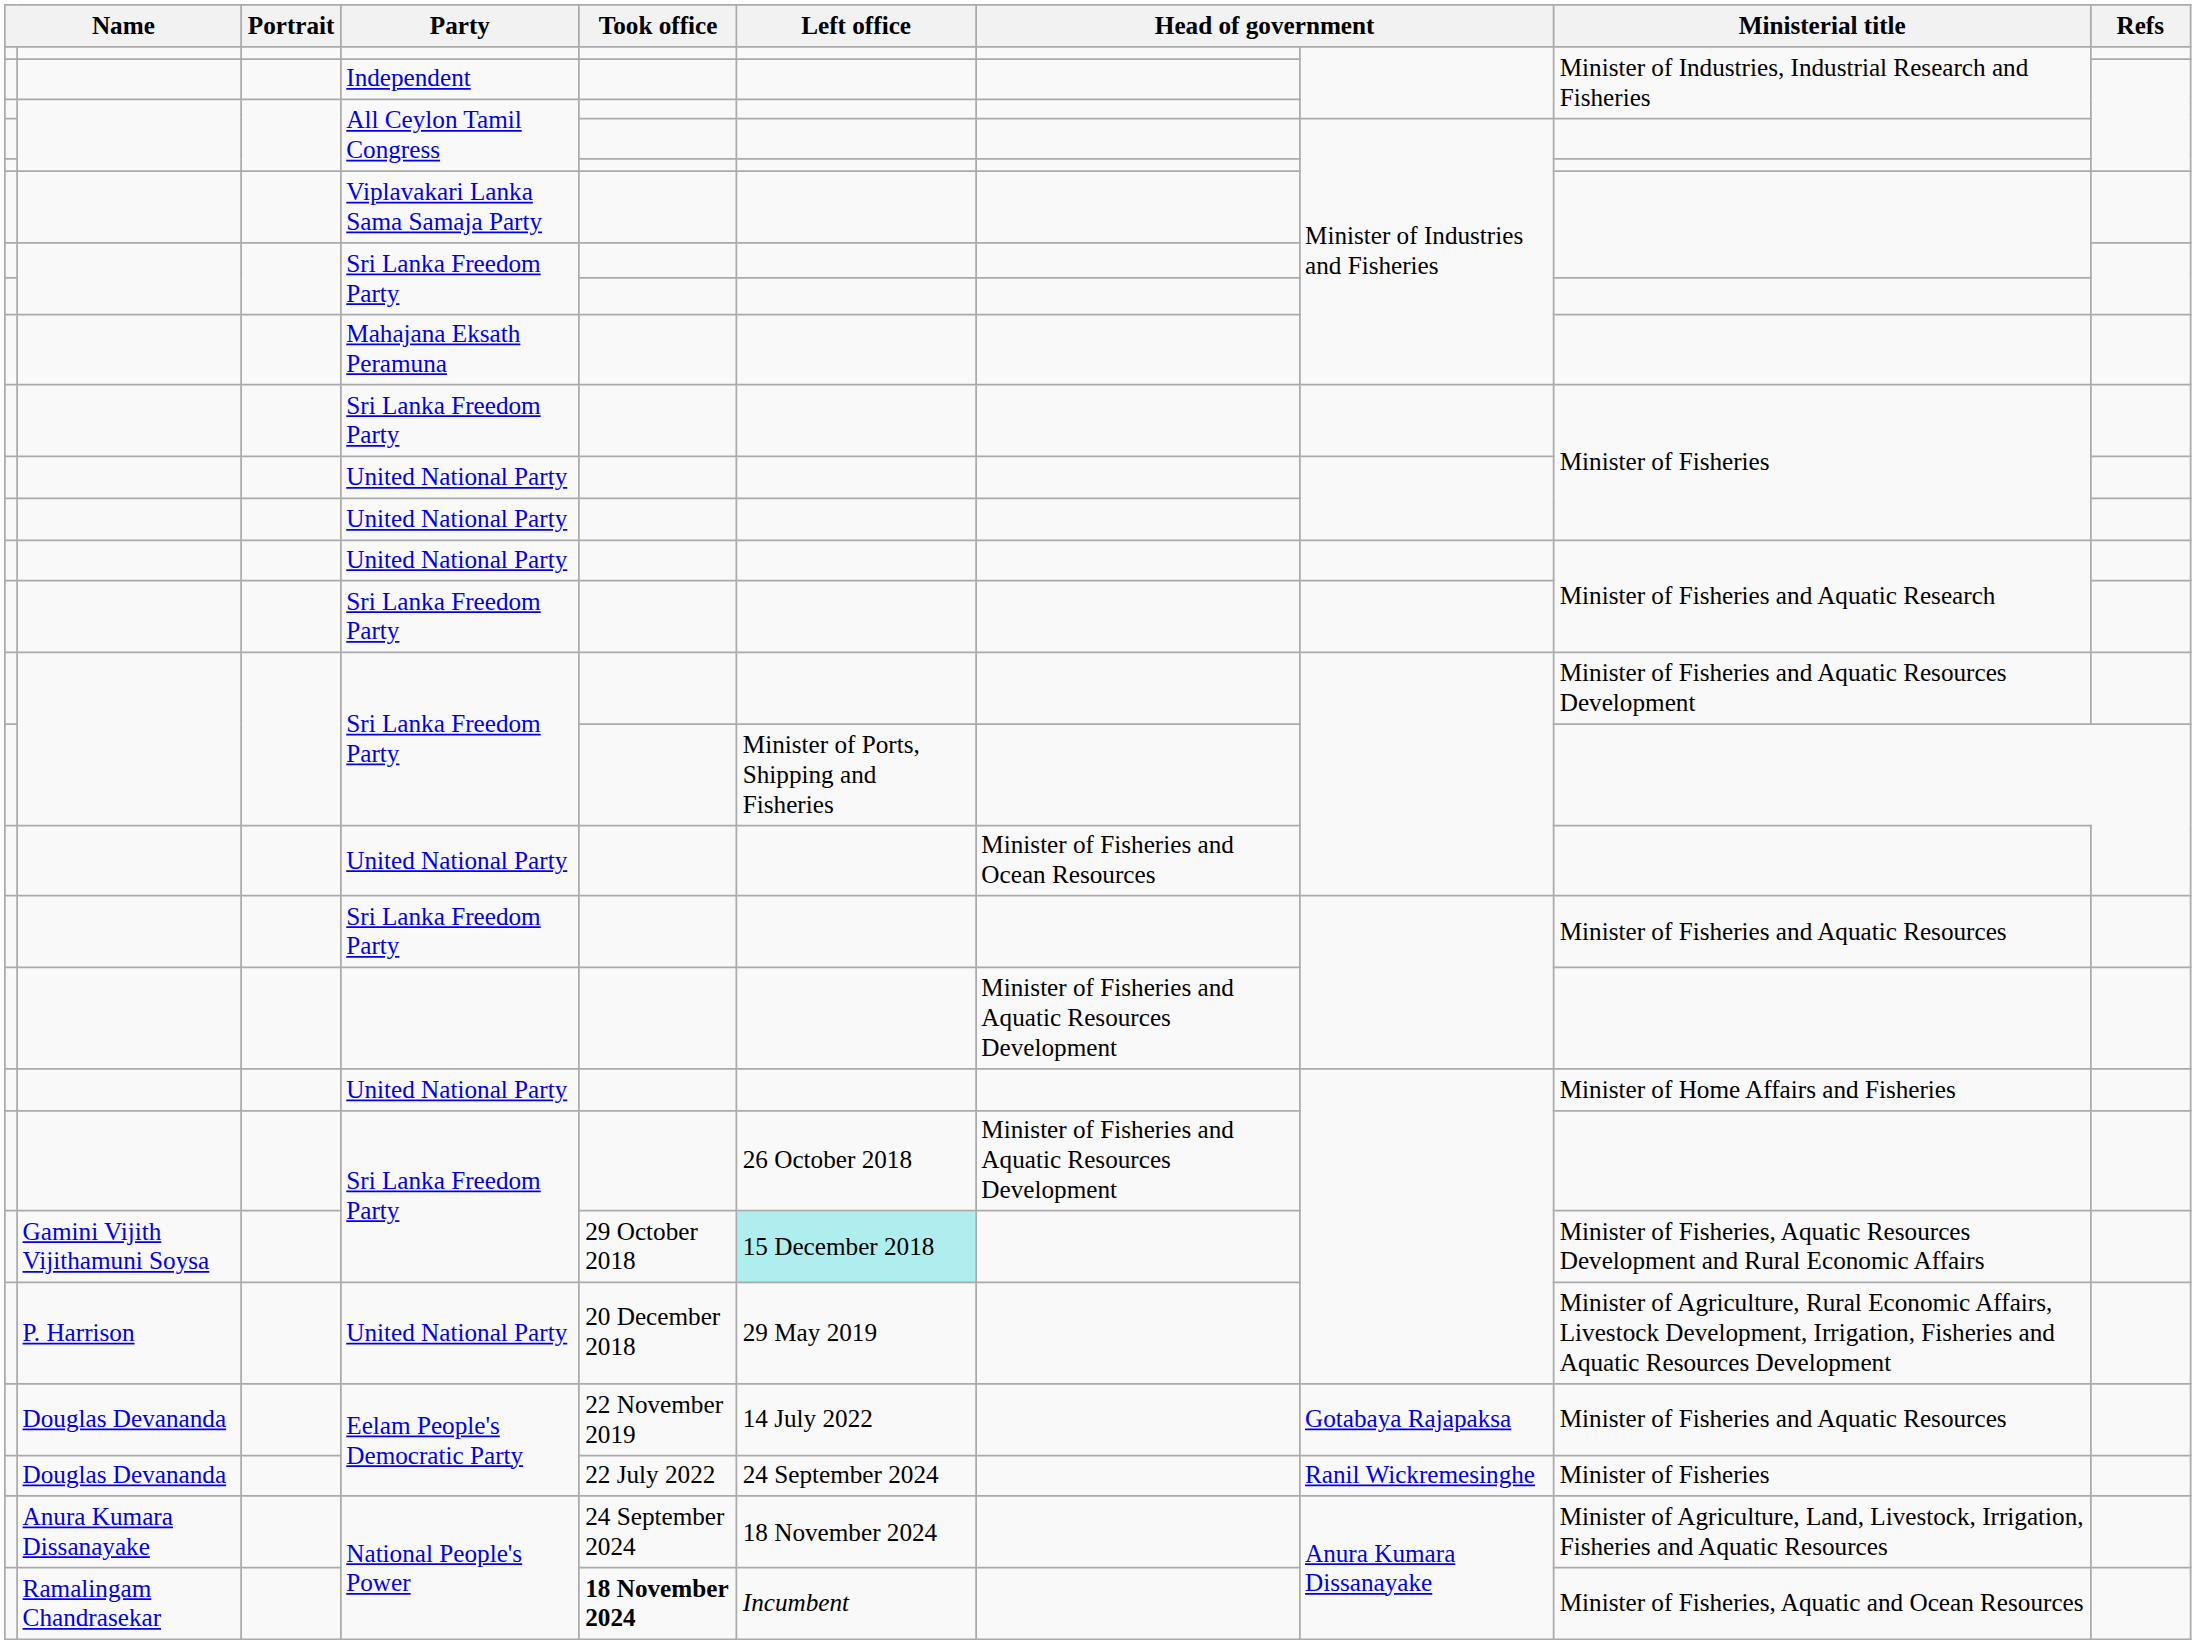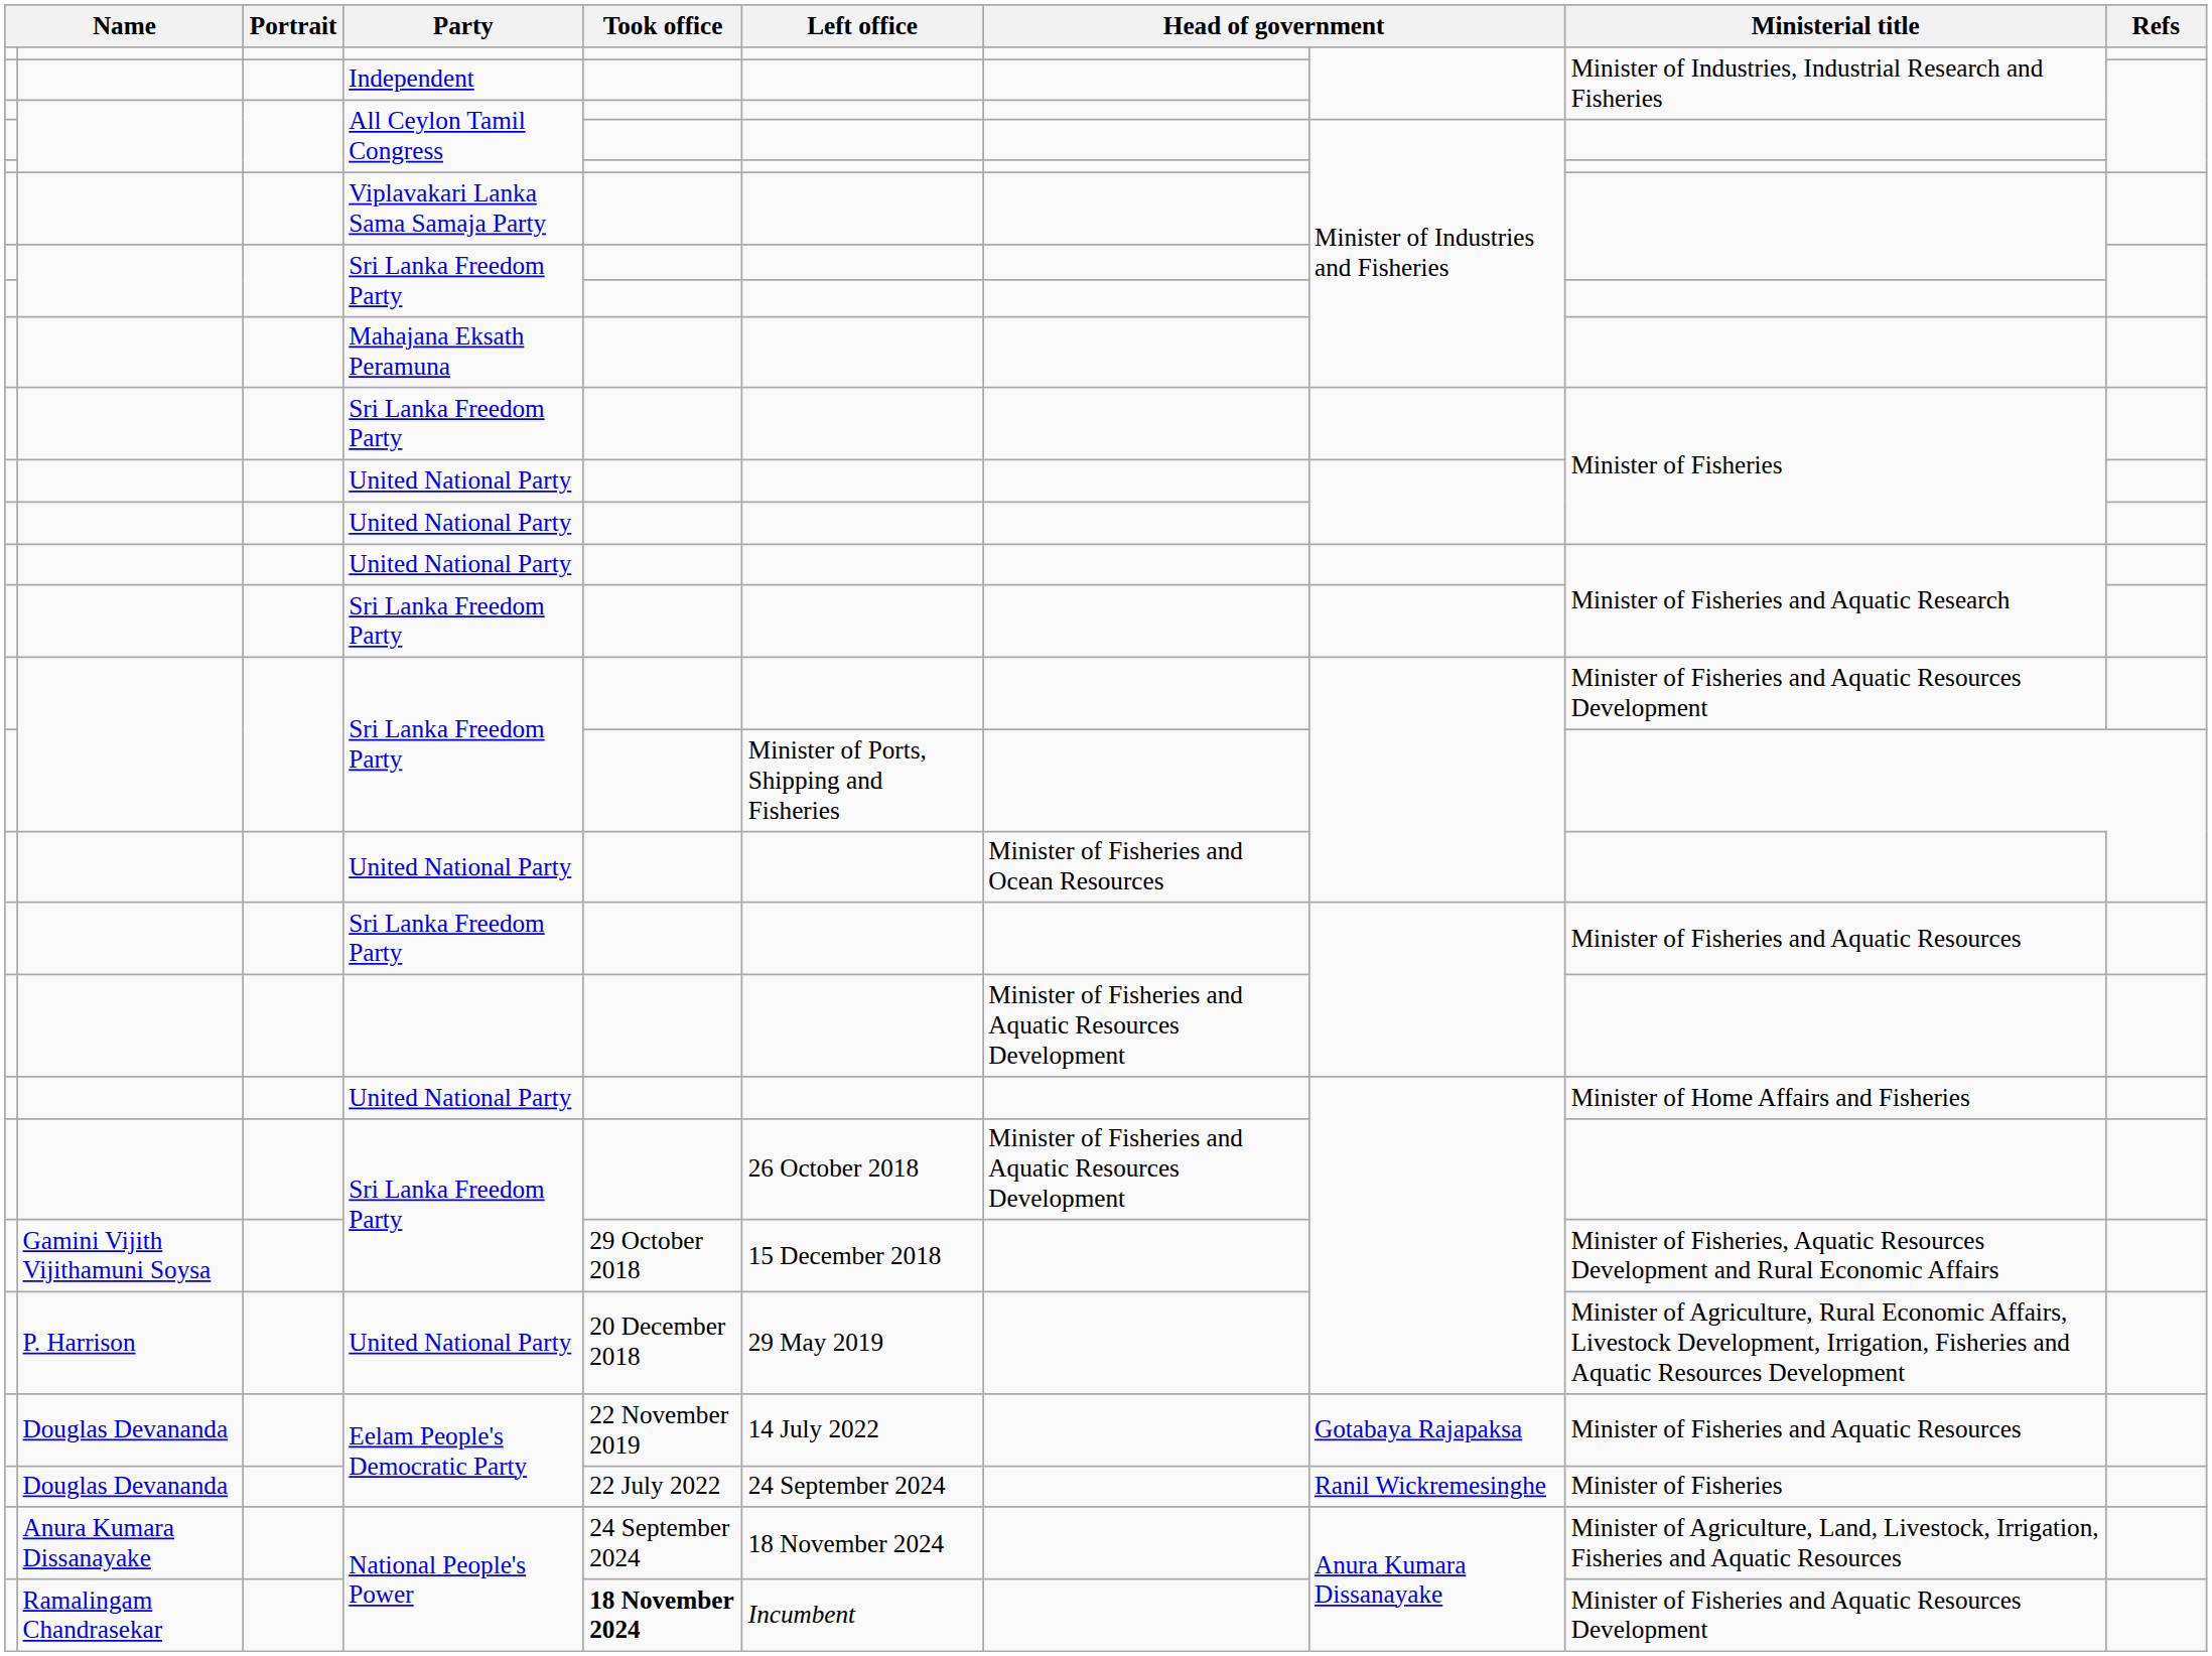 <table class="wikitable plainrowheaders sortable" style="font-size:90%; text-align:left;">
 <tr>
 <th scope=col colspan="2">Name</th>
 <th scope=col class=unsortable>Portrait</th>
 <th scope=col>Party</th>
 <th scope=col>Took office</th>
 <th scope=col>Left office</th>
 <th scope=col colspan="2">Head of government</th>
 <th scope=col width=300px>Ministerial title</th>
 <th scope=col width=50px class=unsortable>Refs</th>
 </tr>
 <tr>
 <td></td>
 <td></td>
 <td></td>
 <td></td>
 <td align=center></td>
 <td align=center></td>
 <td !align="center" style="background:"></td>
 <td rowspan=3></td>
 <td rowspan=3>Minister of Industries, Industrial Research and Fisheries</td>
 <td align=center></td>
 </tr>
 <tr>
 <td !align="center" style="background:"></td>
 <td></td>
 <td></td>
 <td><a href='#'>Independent</a></td>
 <td align=center></td>
 <td align=center></td>
 <td align=center></td>
 </tr>
 <tr>
 <td !align="center" style="background:"></td>
 <td rowspan=3></td>
 <td rowspan=3></td>
 <td rowspan=3><a href='#'>All Ceylon Tamil Congress</a></td>
 <td align=center></td>
 <td></td>
 <td align=center></td>
 </tr>
 <tr>
 <td align=center></td>
 <td></td>
 <td !align="center" style="background:"></td>
 <td></td>
 <td rowspan=6>Minister of Industries and Fisheries</td>
 <td align=center></td>
 </tr>
 <tr>
 <td></td>
 <td align=center></td>
 <td !align="center" style="background:"></td>
 <td></td>
 <td align=center></td>
 </tr>
 <tr>
 <td !align="center" style="background:"></td>
 <td></td>
 <td></td>
 <td><a href='#'>Viplavakari Lanka Sama Samaja Party</a></td>
 <td></td>
 <td align=center></td>
 <td !align="center" style="background:"></td>
 <td rowspan=2></td>
 <td align=center></td>
 </tr>
 <tr>
 <td !align="center" style="background:"></td>
 <td rowspan=2></td>
 <td rowspan=2></td>
 <td rowspan=2><a href='#'>Sri Lanka Freedom Party</a></td>
 <td align=center></td>
 <td></td>
 <td align=center></td>
 </tr>
 <tr>
 <td></td>
 <td></td>
 <td !align="center" style="background:"></td>
 <td></td>
 <td></td>
 </tr>
 <tr>
 <td !align="center" style="background:"></td>
 <td></td>
 <td align=center></td>
 <td><a href='#'>Mahajana Eksath Peramuna</a></td>
 <td align=center></td>
 <td></td>
 <td !align="center" style="background:"></td>
 <td></td>
 <td align=center></td>
 </tr>
 <tr>
 <td !align="center" style="background:"></td>
 <td></td>
 <td></td>
 <td><a href='#'>Sri Lanka Freedom Party</a></td>
 <td></td>
 <td></td>
 <td !align="center" style="background:"></td>
 <td></td>
 <td rowspan=3>Minister of Fisheries</td>
 <td align=center></td>
 </tr>
 <tr>
 <td !align="center" style="background:"></td>
 <td></td>
 <td></td>
 <td><a href='#'>United National Party</a></td>
 <td></td>
 <td align=center></td>
 <td !align="center" style="background:"></td>
 <td rowspan=2></td>
 <td align=center></td>
 </tr>
 <tr>
 <td !align="center" style="background:"></td>
 <td></td>
 <td></td>
 <td><a href='#'>United National Party</a></td>
 <td align=center></td>
 <td></td>
 <td align=center></td>
 </tr>
 <tr>
 <td !align="center" style="background:"></td>
 <td></td>
 <td align=center></td>
 <td><a href='#'>United National Party</a></td>
 <td align=center></td>
 <td></td>
 <td !align="center" style="background:"></td>
 <td></td>
 <td rowspan=2>Minister of Fisheries and Aquatic Research</td>
 <td align=center></td>
 </tr>
 <tr>
 <td !align="center" style="background:"></td>
 <td></td>
 <td></td>
 <td><a href='#'>Sri Lanka Freedom Party</a></td>
 <td align=center></td>
 <td></td>
 <td !align="center" style="background:"></td>
 <td></td>
 <td align=center></td>
 </tr>
 <tr>
 <td !align="center" style="background:"></td>
 <td rowspan=2></td>
 <td align=center rowspan=2></td>
 <td rowspan=2><a href='#'>Sri Lanka Freedom Party</a></td>
 <td align=center></td>
 <td align=center></td>
 <td !align="center" style="background:"></td>
 <td rowspan=3></td>
 <td>Minister of Fisheries and Aquatic Resources Development</td>
 <td align=center></td>
 </tr>
 <tr>
 <td align=center></td>
 <td></td>
 <td>Minister of Ports, Shipping and Fisheries</td>
 <td align=center></td>
 </tr>
 <tr>
 <td !align="center" style="background:"></td>
 <td></td>
 <td></td>
 <td><a href='#'>United National Party</a></td>
 <td align=center></td>
 <td></td>
 <td>Minister of Fisheries and Ocean Resources</td>
 <td align=center></td>
 </tr>
 <tr>
 <td !align="center" style="background:"></td>
 <td></td>
 <td></td>
 <td><a href='#'>Sri Lanka Freedom Party</a></td>
 <td align=center></td>
 <td></td>
 <td !align="center" style="background:"></td>
 <td rowspan=2></td>
 <td>Minister of Fisheries and Aquatic Resources</td>
 <td align=center></td>
 </tr>
 <tr>
 <td></td>
 <td></td>
 <td align=center></td>
 <td></td>
 <td align=center></td>
 <td></td>
 <td>Minister of Fisheries and Aquatic Resources Development</td>
 <td align=center></td>
 </tr>
 <tr>
 <td !align="center" style="background:"></td>
 <td></td>
 <td align=center></td>
 <td><a href='#'>United National Party</a></td>
 <td align=center></td>
 <td align=center></td>
 <td !align="center" style="background:"></td>
 <td rowspan="4"></td>
 <td>Minister of Home Affairs and Fisheries</td>
 <td align=center></td>
 </tr>
 <tr>
 <td !align="center" style="background:"></td>
 <td></td>
 <td align=center></td>
 <td rowspan="2"><a href='#'>Sri Lanka Freedom Party</a></td>
 <td align=center></td>
 <td>26 October 2018</td>
 <td>Minister of Fisheries and Aquatic Resources Development</td>
 <td align=center></td>
 </tr>
 <tr>
 <td !align="center" style="background:"></td>
 <td><a href='#'>Gamini Vijith Vijithamuni Soysa</a></td>
 <td></td>
 <td>29 October 2018</td>
-<td style="background: paleturquoise;">15 December 2018</td>
+<td>15 December 2018</td>
 <td !align="center" style="background:"></td>
 <td>Minister of Fisheries, Aquatic Resources Development and Rural Economic Affairs</td>
 <td></td>
 </tr>
 <tr>
 <td !align="center" style="background:"></td>
 <td><a href='#'>P. Harrison</a></td>
 <td></td>
 <td><a href='#'>United National Party</a></td>
 <td>20 December 2018</td>
 <td>29 May 2019</td>
 <td !align="center" style="background:"></td>
 <td>Minister of Agriculture, Rural Economic Affairs, Livestock Development, Irrigation, Fisheries and Aquatic Resources Development</td>
 <td></td>
 </tr>
 <tr>
 <td !align="center" style="background:"></td>
 <td><a href='#'>Douglas Devananda</a></td>
 <td></td>
 <td rowspan="2"><a href='#'>Eelam People's Democratic Party</a></td>
 <td>22 November 2019</td>
 <td>14 July 2022</td>
 <td !align="center" style="background:"></td>
 <td><a href='#'>Gotabaya Rajapaksa</a></td>
 <td>Minister of Fisheries and Aquatic Resources</td>
 <td></td>
 </tr>
 <tr>
 <td !align="center" style="background:"></td>
 <td><a href='#'>Douglas Devananda</a></td>
 <td></td>
 <td>22 July 2022</td>
 <td>24 September 2024</td>
 <td !align="center" style="background:"></td>
 <td><a href='#'>Ranil Wickremesinghe</a></td>
 <td>Minister of Fisheries</td>
 <td></td>
 </tr>
 <tr>
 <td !align="center" style="background:"></td>
 <td><a href='#'>Anura Kumara Dissanayake</a></td>
 <td></td>
 <td rowspan="2"><a href='#'>National People's Power</a></td>
 <td>24 September 2024</td>
 <td>18 November 2024</td>
 <td !align="center" style="background:"></td>
 <td rowspan="2"><a href='#'>Anura Kumara Dissanayake</a></td>
 <td>Minister of Agriculture, Land, Livestock, Irrigation, Fisheries and Aquatic Resources</td>
 <td></td>
 </tr>
 <tr>
 <td !align="center" style="background:"></td>
 <td><a href='#'>Ramalingam Chandrasekar</a></td>
 <td></td>
 <td><strong>18 November 2024</strong></td>
 <td><em>Incumbent</em></td>
 <td !align="center" style="background:"></td>
-<td>Minister of Fisheries, Aquatic and Ocean Resources</td>
+<td>Minister of Fisheries and Aquatic Resources Development</td>
 <td></td>
 </tr>
 </table>
